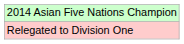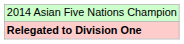 <table class="wikitable">
 <tr style="width:10px; background:#cfc;">
 <td>2014 Asian Five Nations Champion</td>
 </tr>
 <tr style="width:10px; background:#fcc;">
-<td>Relegated to Division One</td>
+<td><strong>Relegated to Division One</strong></td>
 </tr>
 </table>
